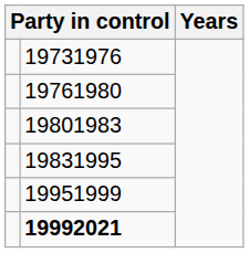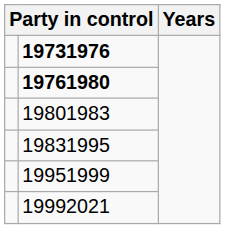 <table class="wikitable">
 <tr>
 <th colspan="2">Party in control</th>
 <th>Years</th>
 </tr>
 <tr>
 <td></td>
-<td>19731976</td>
+<td><strong>19731976</strong></td>
 </tr>
 <tr>
 <td></td>
-<td>19761980</td>
+<td><strong>19761980</strong></td>
 </tr>
 <tr>
 <td></td>
 <td>19801983</td>
 </tr>
 <tr>
 <td></td>
 <td>19831995</td>
 </tr>
 <tr>
 <td></td>
 <td>19951999</td>
 </tr>
 <tr>
 <td></td>
-<td><strong>19992021</strong></td>
+<td>19992021</td>
 </tr>
 </table>
